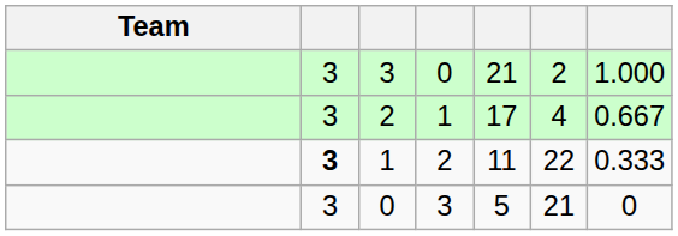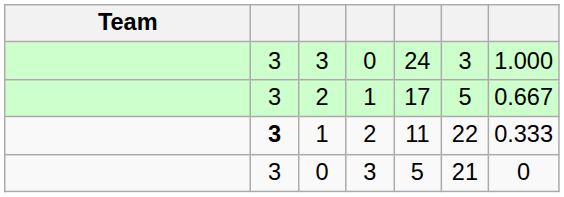 <table class="wikitable" style="text-align: center; font-size:100% ">
 <tr>
 <th width=160>Team</th>
 <th width=25></th>
 <th width=25></th>
 <th width=25></th>
 <th width=25></th>
 <th width=25></th>
 <th width=35></th>
 </tr>
 <tr bgcolor=ccffcc>
 <td align=left></td>
 <td>3</td>
 <td>3</td>
 <td>0</td>
-<td>21</td>
-<td>2</td>
+<td>24</td>
+<td>3</td>
 <td>1.000</td>
 </tr>
 <tr bgcolor=ccffcc>
 <td align=left></td>
 <td>3</td>
 <td>2</td>
 <td>1</td>
 <td>17</td>
-<td>4</td>
+<td>5</td>
 <td>0.667</td>
 </tr>
 <tr>
 <td align=left></td>
 <td><strong>3</strong></td>
 <td>1</td>
 <td>2</td>
 <td>11</td>
 <td>22</td>
 <td>0.333</td>
 </tr>
 <tr>
 <td align=left></td>
 <td>3</td>
 <td>0</td>
 <td>3</td>
 <td>5</td>
 <td>21</td>
 <td>0</td>
 </tr>
 </table>
